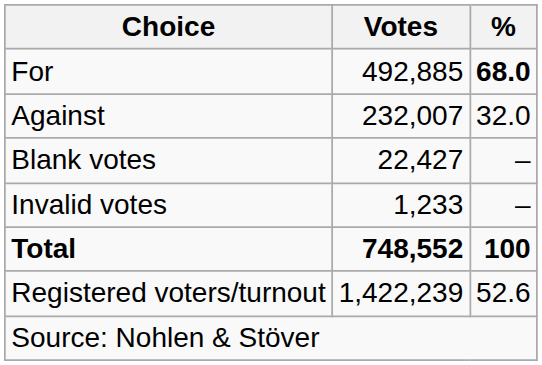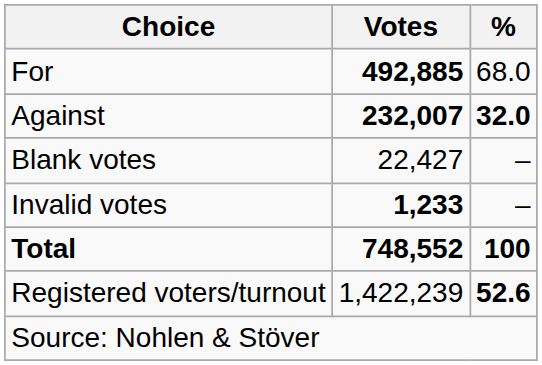 <table class=wikitable style=text-align:right>
 <tr>
 <th>Choice</th>
 <th>Votes</th>
 <th>%</th>
 </tr>
 <tr>
 <td align=left>For</td>
-<td>492,885</td>
-<td><strong>68.0</strong></td>
+<td><strong>492,885</strong></td>
+<td>68.0</td>
 </tr>
 <tr>
 <td align=left>Against</td>
-<td>232,007</td>
-<td>32.0</td>
+<td><strong>232,007</strong></td>
+<td><strong>32.0</strong></td>
 </tr>
 <tr>
 <td align=left>Blank votes</td>
 <td>22,427</td>
 <td>–</td>
 </tr>
 <tr>
 <td align=left>Invalid votes</td>
-<td>1,233</td>
+<td><strong>1,233</strong></td>
 <td>–</td>
 </tr>
 <tr>
 <td align=left><strong>Total</strong></td>
 <td><strong>748,552</strong></td>
 <td><strong>100</strong></td>
 </tr>
 <tr>
 <td align=left>Registered voters/turnout</td>
 <td>1,422,239</td>
-<td>52.6</td>
+<td><strong>52.6</strong></td>
 </tr>
 <tr>
 <td align=left colspan=6>Source: Nohlen & Stöver</td>
 </tr>
 </table>
